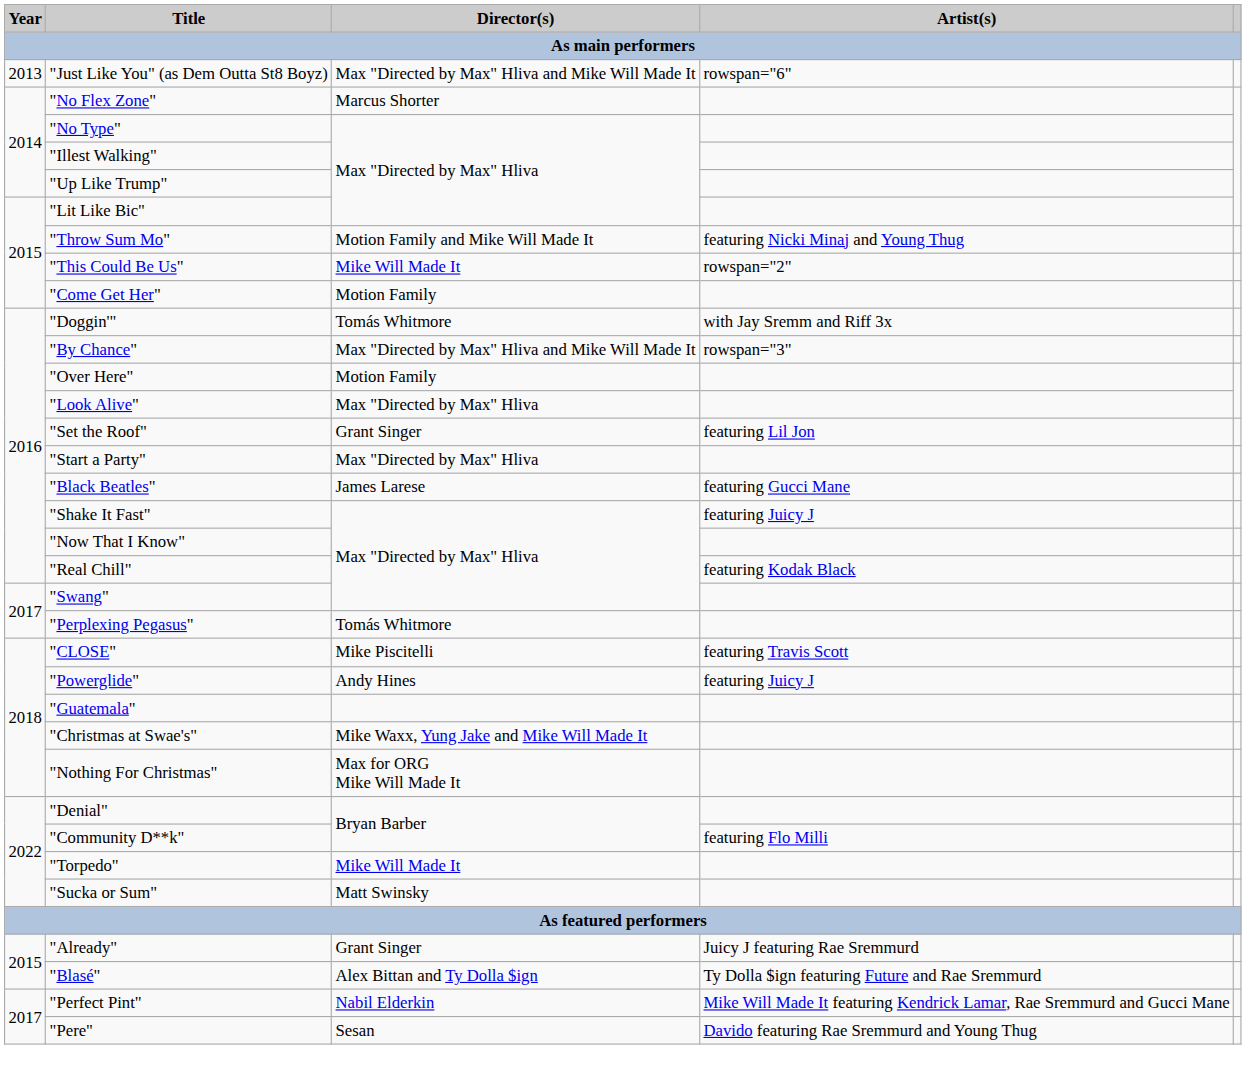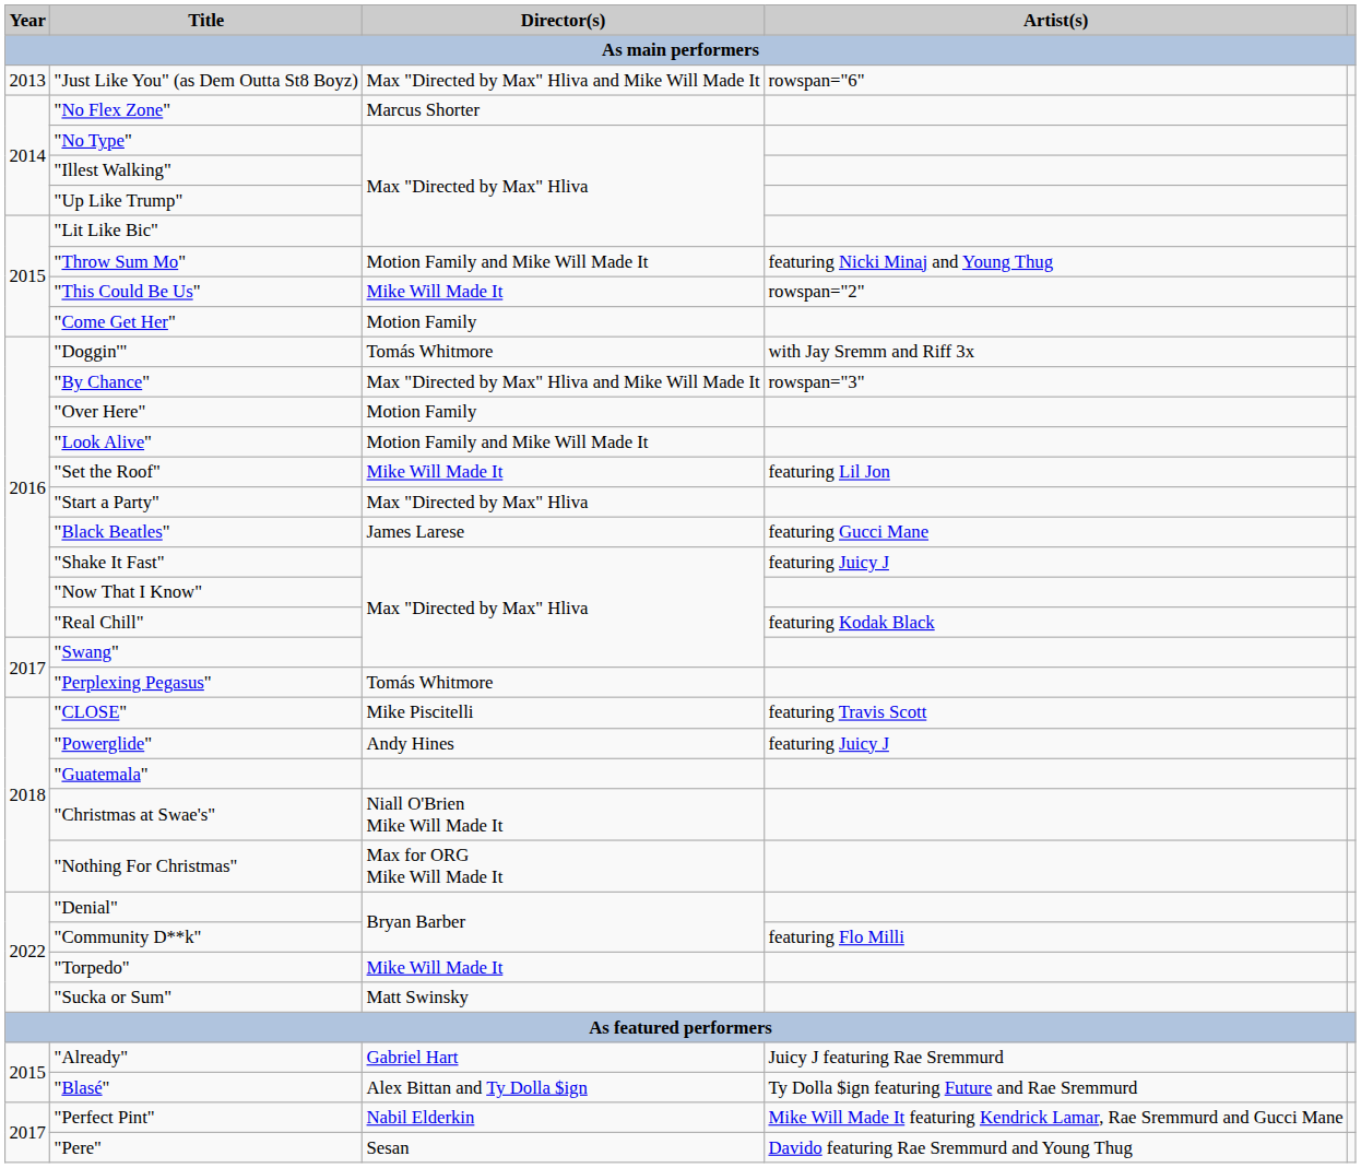 <table class="wikitable" style="font-size:95%" style="text-align:center;">
 <tr>
 <th style="background:#ccc;">Year</th>
 <th style="background:#ccc;">Title</th>
 <th style="background:#ccc;">Director(s)</th>
 <th style="background:#ccc;">Artist(s)</th>
 <th style="background:#ccc;"></th>
 </tr>
 <tr style="text-align:center;">
 <th colspan="5" style="background:#B0C4DE;">As main performers</th>
 </tr>
 <tr>
 <td style="text-align:center;">2013</td>
 <td>"Just Like You" <span>(as Dem Outta St8 Boyz)</span></td>
 <td>Max "Directed by Max" Hliva and Mike Will Made It</td>
 <td>rowspan="6" </td>
 <td></td>
 </tr>
 <tr>
 <td rowspan="4" style="text-align:center;">2014</td>
 <td>"<a href='#'>No Flex Zone</a>"</td>
 <td>Marcus Shorter</td>
 <td></td>
 </tr>
 <tr>
 <td>"<a href='#'>No Type</a>"</td>
 <td rowspan="4">Max "Directed by Max" Hliva</td>
 <td></td>
 </tr>
 <tr>
 <td>"Illest Walking"</td>
 <td></td>
 </tr>
 <tr>
 <td>"Up Like Trump"</td>
 <td></td>
 </tr>
 <tr>
 <td rowspan="4" style="text-align:center;">2015</td>
 <td>"Lit Like Bic"</td>
 <td></td>
 </tr>
 <tr>
 <td>"<a href='#'>Throw Sum Mo</a>"</td>
 <td>Motion Family and Mike Will Made It</td>
 <td>featuring <a href='#'>Nicki Minaj</a> and <a href='#'>Young Thug</a></td>
 <td></td>
 </tr>
 <tr>
 <td>"<a href='#'>This Could Be Us</a>"</td>
 <td><a href='#'>Mike Will Made It</a></td>
 <td>rowspan="2" </td>
 <td></td>
 </tr>
 <tr>
 <td>"<a href='#'>Come Get Her</a>"</td>
 <td>Motion Family</td>
 <td></td>
 </tr>
 <tr>
 <td rowspan="10" style="text-align:center;">2016</td>
 <td>"Doggin'"</td>
 <td>Tomás Whitmore</td>
 <td>with Jay Sremm and Riff 3x</td>
 <td></td>
 </tr>
 <tr>
 <td>"<a href='#'>By Chance</a>"</td>
 <td>Max "Directed by Max" Hliva and Mike Will Made It</td>
 <td>rowspan="3" </td>
 <td></td>
 </tr>
 <tr>
 <td>"Over Here"</td>
 <td>Motion Family</td>
 <td></td>
 </tr>
 <tr>
 <td>"<a href='#'>Look Alive</a>"</td>
-<td>Max "Directed by Max" Hliva</td>
+<td>Motion Family and Mike Will Made It</td>
 <td></td>
 </tr>
 <tr>
 <td>"Set the Roof"</td>
-<td>Grant Singer</td>
+<td><a href='#'>Mike Will Made It</a></td>
 <td>featuring <a href='#'>Lil Jon</a></td>
 <td></td>
 </tr>
 <tr>
 <td>"Start a Party"</td>
 <td>Max "Directed by Max" Hliva</td>
 <td></td>
 <td></td>
 </tr>
 <tr>
 <td>"<a href='#'>Black Beatles</a>"</td>
 <td>James Larese</td>
 <td>featuring <a href='#'>Gucci Mane</a></td>
 <td></td>
 </tr>
 <tr>
 <td>"Shake It Fast"</td>
 <td rowspan="4">Max "Directed by Max" Hliva</td>
 <td>featuring <a href='#'>Juicy J</a></td>
 <td></td>
 </tr>
 <tr>
 <td>"Now That I Know"</td>
 <td></td>
 <td></td>
 </tr>
 <tr>
 <td>"Real Chill"</td>
 <td>featuring <a href='#'>Kodak Black</a></td>
 <td></td>
 </tr>
 <tr>
 <td rowspan="2" style="text-align:center;">2017</td>
 <td>"<a href='#'>Swang</a>"</td>
 <td></td>
 <td></td>
 </tr>
 <tr>
 <td>"<a href='#'>Perplexing Pegasus</a>"</td>
 <td>Tomás Whitmore</td>
 <td></td>
 <td></td>
 </tr>
 <tr>
 <td rowspan="5" style="text-align:center;">2018</td>
 <td>"<a href='#'>CLOSE</a>"</td>
 <td>Mike Piscitelli</td>
 <td>featuring <a href='#'>Travis Scott</a></td>
 <td></td>
 </tr>
 <tr>
 <td>"<a href='#'>Powerglide</a>"</td>
 <td>Andy Hines</td>
 <td>featuring <a href='#'>Juicy J</a></td>
 <td></td>
 </tr>
 <tr>
 <td>"<a href='#'>Guatemala</a>"</td>
 <td></td>
 <td></td>
 <td></td>
 </tr>
 <tr>
 <td>"Christmas at Swae's"</td>
-<td>Mike Waxx, <a href='#'>Yung Jake</a> and <a href='#'>Mike Will Made It</a></td>
+<td>Niall O'Brien<br>Mike Will Made It</td>
 <td></td>
 <td></td>
 </tr>
 <tr>
 <td>"Nothing For Christmas"</td>
 <td>Max for ORG<br>Mike Will Made It</td>
 <td></td>
 <td></td>
 </tr>
 <tr>
 <td rowspan="4" style="text-align:center;">2022</td>
 <td>"Denial"</td>
 <td rowspan="2">Bryan Barber</td>
 <td></td>
 <td></td>
 </tr>
 <tr>
 <td>"Community D**k"</td>
 <td>featuring <a href='#'>Flo Milli</a></td>
 <td></td>
 </tr>
 <tr>
 <td>"Torpedo"</td>
 <td><a href='#'>Mike Will Made It</a></td>
 <td></td>
 <td></td>
 </tr>
 <tr>
 <td>"Sucka or Sum"</td>
 <td>Matt Swinsky</td>
 <td></td>
 <td></td>
 </tr>
 <tr>
 <th colspan="5" style="background:#B0C4DE;">As featured performers</th>
 </tr>
 <tr>
 <td rowspan="2" style="text-align:center;">2015</td>
 <td>"Already"</td>
-<td>Grant Singer</td>
+<td><a href='#'>Gabriel Hart</a></td>
 <td>Juicy J featuring Rae Sremmurd</td>
 <td></td>
 </tr>
 <tr>
 <td>"<a href='#'>Blasé</a>"</td>
 <td>Alex Bittan and <a href='#'>Ty Dolla $ign</a></td>
 <td>Ty Dolla $ign featuring <a href='#'>Future</a> and Rae Sremmurd</td>
 <td></td>
 </tr>
 <tr>
 <td rowspan="2" style="text-align:center;">2017</td>
 <td>"Perfect Pint"</td>
 <td><a href='#'>Nabil Elderkin</a></td>
 <td><a href='#'>Mike Will Made It</a> featuring <a href='#'>Kendrick Lamar</a>, Rae Sremmurd and Gucci Mane</td>
 <td></td>
 </tr>
 <tr>
 <td>"Pere"</td>
 <td>Sesan</td>
 <td><a href='#'>Davido</a> featuring Rae Sremmurd and Young Thug</td>
 <td></td>
 </tr>
 </table>
